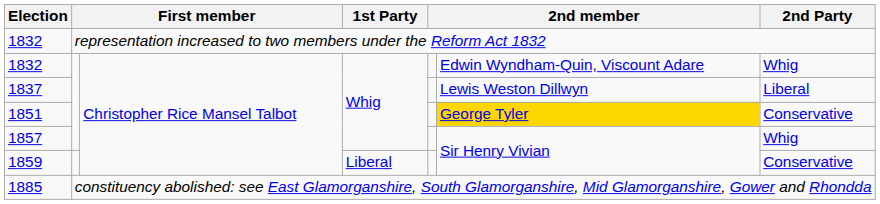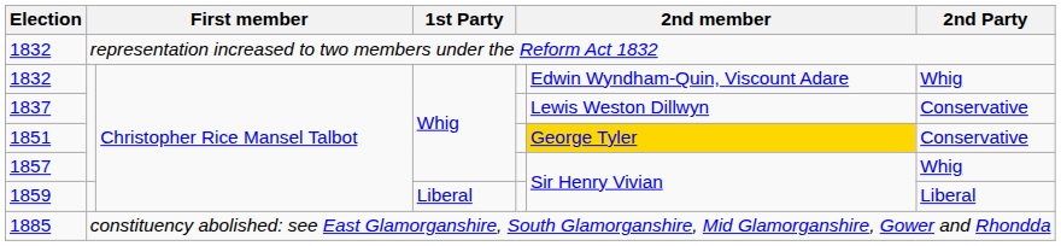 <table class="wikitable">
 <tr>
 <th>Election</th>
 <th colspan="2">First member</th>
 <th>1st Party</th>
 <th colspan="2">2nd member</th>
 <th>2nd Party</th>
 </tr>
 <tr>
 <td><a href='#'>1832</a></td>
 <td colspan="6"><em>representation increased to two members under the <a href='#'>Reform Act 1832</a></em></td>
 </tr>
 <tr>
 <td><a href='#'>1832</a></td>
 <td rowspan="4" style="color:inherit;background-color: "></td>
 <td rowspan="5"><a href='#'>Christopher Rice Mansel Talbot</a></td>
 <td rowspan="4"><a href='#'>Whig</a></td>
 <td style="color:inherit;background-color: "></td>
 <td><a href='#'>Edwin Wyndham-Quin, Viscount Adare</a></td>
 <td><a href='#'>Whig</a></td>
 </tr>
 <tr>
 <td><a href='#'>1837</a></td>
 <td style="color:inherit;background-color: "></td>
 <td><a href='#'>Lewis Weston Dillwyn</a></td>
-<td><a href='#'>Liberal</a></td>
+<td><a href='#'>Conservative</a></td>
 </tr>
 <tr>
 <td><a href='#'>1851</a></td>
 <td style="color:inherit;background-color: "></td>
 <td style="background: gold;"><a href='#'>George Tyler</a></td>
 <td><a href='#'>Conservative</a></td>
 </tr>
 <tr>
 <td><a href='#'>1857</a></td>
 <td style="color:inherit;background-color: "></td>
 <td rowspan="2"><a href='#'>Sir Henry Vivian</a></td>
 <td><a href='#'>Whig</a></td>
 </tr>
 <tr>
 <td><a href='#'>1859</a></td>
 <td style="color:inherit;background-color: "></td>
 <td><a href='#'>Liberal</a></td>
 <td style="color:inherit;background-color: "></td>
-<td><a href='#'>Conservative</a></td>
+<td><a href='#'>Liberal</a></td>
 </tr>
 <tr>
 <td><a href='#'>1885</a></td>
 <td colspan="6"><em>constituency abolished: see <a href='#'>East Glamorganshire</a>, <a href='#'>South Glamorganshire</a>, <a href='#'>Mid Glamorganshire</a>, <a href='#'>Gower</a> and <a href='#'>Rhondda</a></em></td>
 </tr>
 </table>
